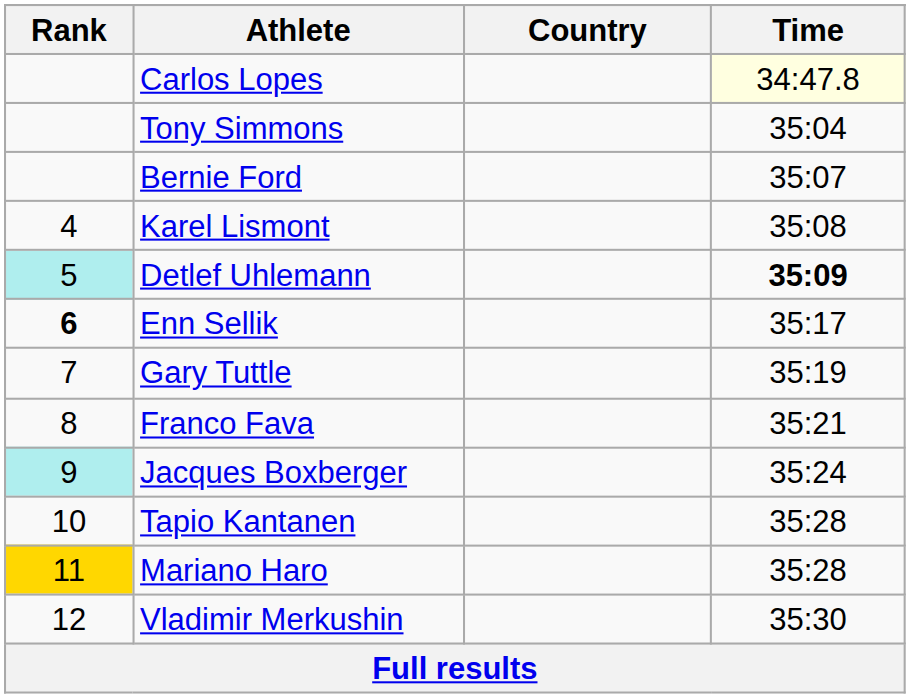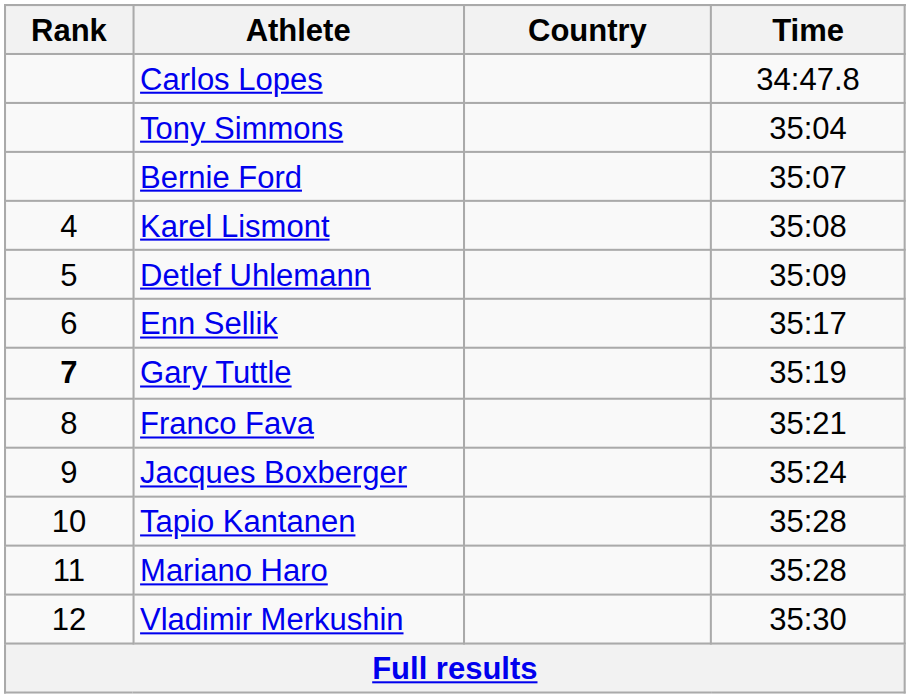 <table class="wikitable sortable" style=" text-align:center; font-size:95%;" width="50%">
 <tr>
 </tr>
 <tr>
 <th width=5%>Rank</th>
 <th width=20%>Athlete</th>
 <th width=15%>Country</th>
 <th width=10%>Time</th>
 </tr>
 <tr>
 <td align=center></td>
 <td align=left><a href='#'>Carlos Lopes</a></td>
 <td align=left></td>
-<td style="background: lightyellow;">34:47.8</td>
+<td>34:47.8</td>
 </tr>
 <tr>
 <td align=center></td>
 <td align=left><a href='#'>Tony Simmons</a></td>
 <td align=left></td>
 <td>35:04</td>
 </tr>
 <tr>
 <td align=center></td>
 <td align=left><a href='#'>Bernie Ford</a></td>
 <td align=left></td>
 <td>35:07</td>
 </tr>
 <tr>
 <td align=center>4</td>
 <td align=left><a href='#'>Karel Lismont</a></td>
 <td align=left></td>
 <td>35:08</td>
 </tr>
 <tr>
-<td align=center style="background: paleturquoise;">5</td>
+<td align=center>5</td>
 <td align=left><a href='#'>Detlef Uhlemann</a></td>
 <td align=left></td>
-<td><strong>35:09</strong></td>
+<td>35:09</td>
 </tr>
 <tr>
-<td align=center><strong>6</strong></td>
+<td align=center>6</td>
 <td align=left><a href='#'>Enn Sellik</a></td>
 <td align=left></td>
 <td>35:17</td>
 </tr>
 <tr>
-<td align=center>7</td>
+<td align=center><strong>7</strong></td>
 <td align=left><a href='#'>Gary Tuttle</a></td>
 <td align=left></td>
 <td>35:19</td>
 </tr>
 <tr>
 <td align=center>8</td>
 <td align=left><a href='#'>Franco Fava</a></td>
 <td align=left></td>
 <td>35:21</td>
 </tr>
 <tr>
-<td align=center style="background: paleturquoise;">9</td>
+<td align=center>9</td>
 <td align=left><a href='#'>Jacques Boxberger</a></td>
 <td align=left></td>
 <td>35:24</td>
 </tr>
 <tr>
 <td align=center>10</td>
 <td align=left><a href='#'>Tapio Kantanen</a></td>
 <td align=left></td>
 <td>35:28</td>
 </tr>
 <tr>
-<td align=center style="background: gold;">11</td>
+<td align=center>11</td>
 <td align=left><a href='#'>Mariano Haro</a></td>
 <td align=left></td>
 <td>35:28</td>
 </tr>
 <tr>
 <td align=center>12</td>
 <td align=left><a href='#'>Vladimir Merkushin</a></td>
 <td align=left></td>
 <td>35:30</td>
 </tr>
 <tr class="sortbottom">
 <th colspan=4 align=center><a href='#'>Full results</a></th>
 </tr>
 </table>
